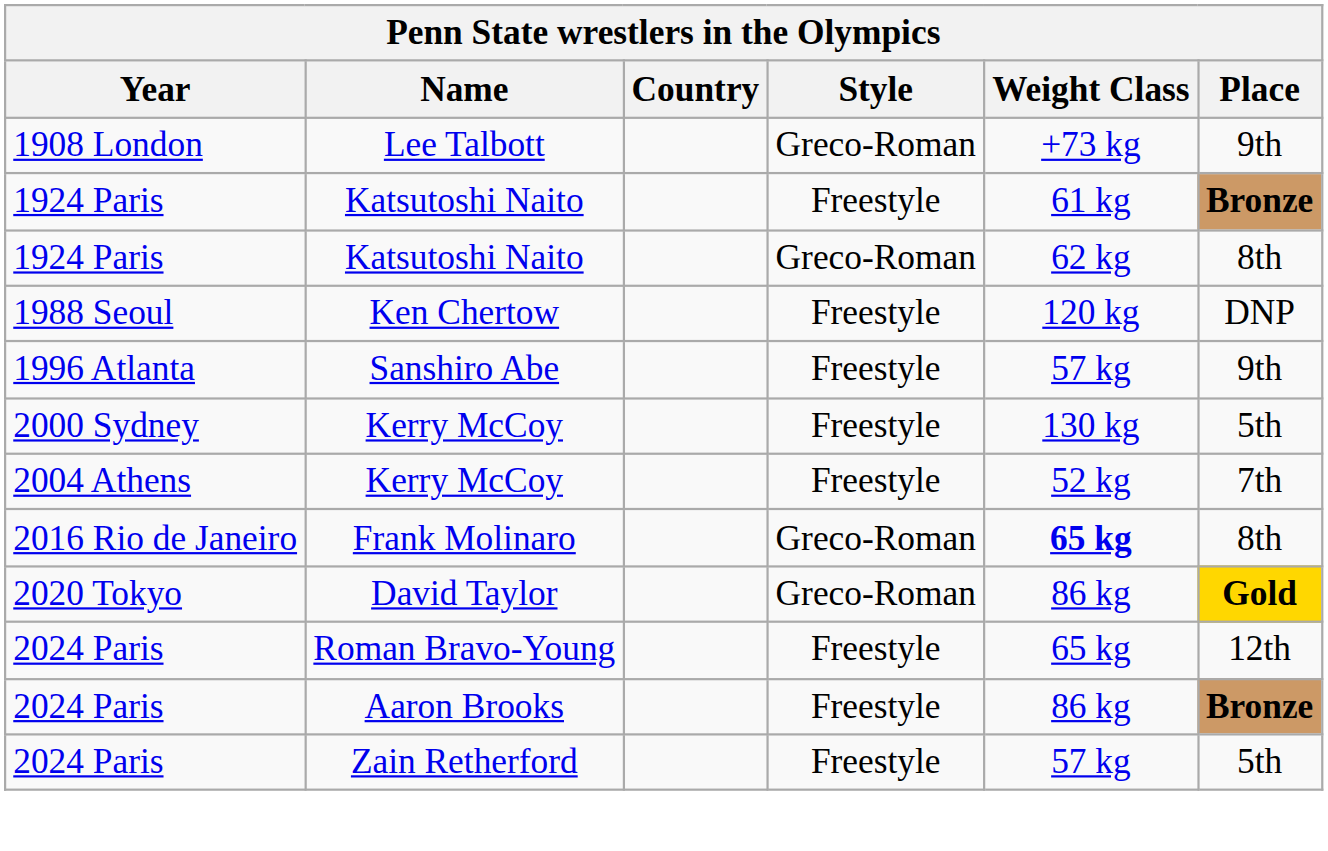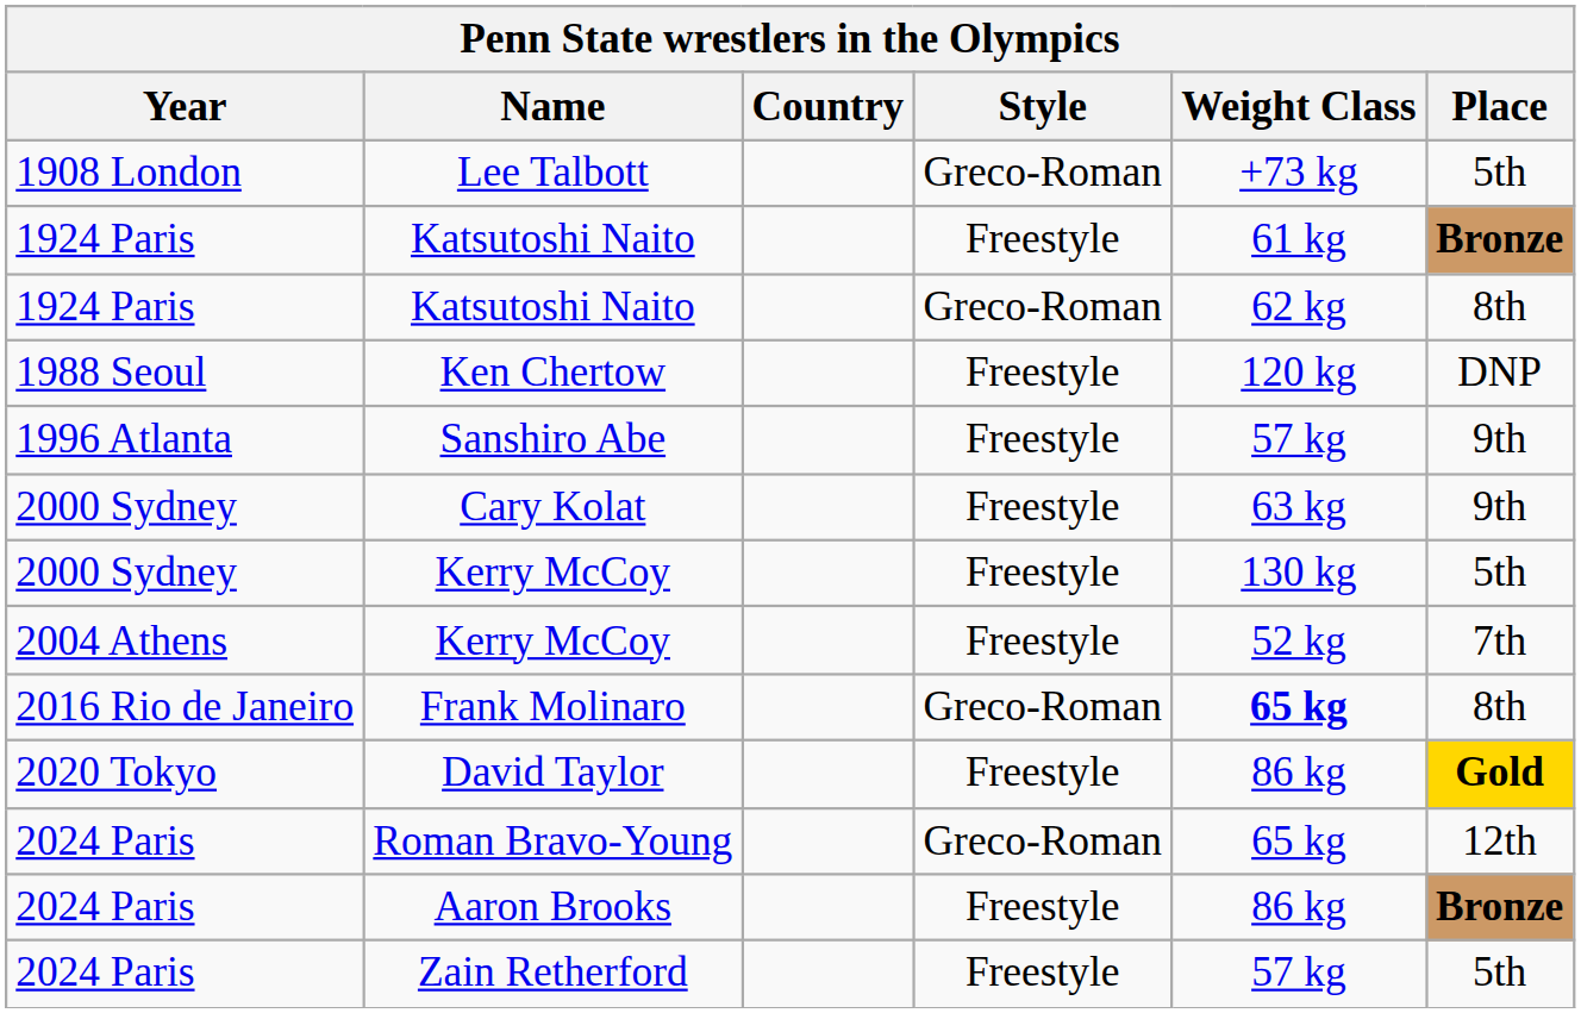 <table class="wikitable">
 <tr>
 <th colspan="6">Penn State wrestlers in the Olympics</th>
 </tr>
 <tr>
 <th scope="col">Year</th>
 <th scope="col">Name</th>
 <th scope="col">Country</th>
 <th scope="col">Style</th>
 <th scope="col">Weight Class</th>
 <th scope="col">Place</th>
 </tr>
 <tr>
 <td><a href='#'>1908 London</a></td>
 <td style="text-align: center;"><a href='#'>Lee Talbott</a></td>
 <td style="text-align: center;"></td>
 <td style="text-align: center;">Greco-Roman</td>
 <td style="text-align: center;"><a href='#'>+73 kg</a></td>
-<td style="text-align: center;">9th</td>
+<td style="text-align: center;">5th</td>
 </tr>
 <tr>
 <td><a href='#'>1924 Paris</a></td>
 <td style="text-align: center;"><a href='#'>Katsutoshi Naito</a></td>
 <td style="text-align: center;"></td>
 <td style="text-align: center;">Freestyle</td>
 <td style="text-align: center;"><a href='#'>61 kg</a></td>
 <td style="text-align:center; background:#c96;"><strong>Bronze</strong></td>
 </tr>
 <tr>
 <td><a href='#'>1924 Paris</a></td>
 <td style="text-align: center;"><a href='#'>Katsutoshi Naito</a></td>
 <td style="text-align: center;"></td>
 <td style="text-align: center;">Greco-Roman</td>
 <td style="text-align: center;"><a href='#'>62 kg</a></td>
 <td style="text-align: center;">8th</td>
 </tr>
 <tr>
 <td><a href='#'>1988 Seoul</a></td>
 <td style="text-align: center;"><a href='#'>Ken Chertow</a></td>
 <td style="text-align: center;"></td>
 <td style="text-align: center;">Freestyle</td>
 <td style="text-align: center;"><a href='#'>120 kg</a></td>
 <td style="text-align: center;">DNP</td>
 </tr>
 <tr>
 <td><a href='#'>1996 Atlanta</a></td>
 <td style="text-align: center;"><a href='#'>Sanshiro Abe</a></td>
 <td style="text-align: center;"></td>
 <td style="text-align: center;">Freestyle</td>
 <td style="text-align: center;"><a href='#'>57 kg</a></td>
 <td style="text-align: center;">9th</td>
 </tr>
 <tr>
 <td><a href='#'>2000 Sydney</a></td>
+<td style="text-align: center;"><a href='#'>Cary Kolat</a></td>
+<td style="text-align: center;"></td>
+<td style="text-align: center;">Freestyle</td>
+<td style="text-align: center;"><a href='#'>63 kg</a></td>
+<td style="text-align: center;">9th</td>
+</tr>
+<tr>
+<td><a href='#'>2000 Sydney</a></td>
 <td style="text-align: center;"><a href='#'>Kerry McCoy</a></td>
 <td style="text-align: center;"></td>
 <td style="text-align: center;">Freestyle</td>
 <td style="text-align: center;"><a href='#'>130 kg</a></td>
 <td style="text-align: center;">5th</td>
 </tr>
 <tr>
 <td><a href='#'>2004 Athens</a></td>
 <td style="text-align: center;"><a href='#'>Kerry McCoy</a></td>
 <td style="text-align: center;"></td>
 <td style="text-align: center;">Freestyle</td>
 <td style="text-align: center;"><a href='#'>52 kg</a></td>
 <td style="text-align: center;">7th</td>
 </tr>
 <tr>
 <td><a href='#'>2016 Rio de Janeiro</a></td>
 <td style="text-align: center;"><a href='#'>Frank Molinaro</a></td>
 <td style="text-align: center;"></td>
 <td style="text-align: center;">Greco-Roman</td>
 <td style="text-align: center;"><strong><a href='#'>65 kg</a></strong></td>
 <td style="text-align: center;">8th</td>
 </tr>
 <tr>
 <td><a href='#'>2020 Tokyo</a></td>
 <td style="text-align: center;"><a href='#'>David Taylor</a></td>
 <td style="text-align: center;"></td>
-<td style="text-align: center;">Greco-Roman</td>
+<td style="text-align: center;">Freestyle</td>
 <td style="text-align: center;"><a href='#'>86 kg</a></td>
 <td style="text-align: center; background:  gold;"><strong>Gold</strong></td>
 </tr>
 <tr>
 <td><a href='#'>2024 Paris</a></td>
 <td style="text-align: center;"><a href='#'>Roman Bravo-Young</a></td>
 <td style="text-align: center;"></td>
-<td style="text-align: center;">Freestyle</td>
+<td style="text-align: center;">Greco-Roman</td>
 <td style="text-align: center;"><a href='#'>65 kg</a></td>
 <td style="text-align: center;">12th</td>
 </tr>
 <tr>
 <td><a href='#'>2024 Paris</a></td>
 <td style="text-align: center;"><a href='#'>Aaron Brooks</a></td>
 <td style="text-align: center;"></td>
 <td style="text-align: center;">Freestyle</td>
 <td style="text-align: center;"><a href='#'>86 kg</a></td>
 <td style="text-align:center; background:#c96;"><strong>Bronze</strong></td>
 </tr>
 <tr>
 <td><a href='#'>2024 Paris</a></td>
 <td style="text-align: center;"><a href='#'>Zain Retherford</a></td>
 <td style="text-align: center;"></td>
 <td style="text-align: center;">Freestyle</td>
 <td style="text-align: center;"><a href='#'>57 kg</a></td>
 <td style="text-align: center;">5th</td>
 </tr>
 </table>
